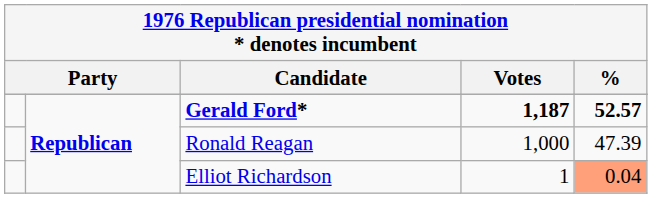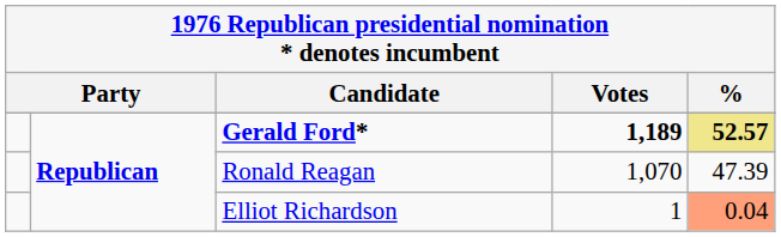 <table class="wikitable">
 <tr>
 <th colspan=5 style="background:#f5f5f5"><a href='#'>1976 Republican presidential nomination</a><br>* denotes incumbent</th>
 </tr>
 <tr>
 <th style="width: 8em;" colspan=2>Party</th>
 <th>Candidate</th>
 <th>Votes</th>
 <th>%</th>
 </tr>
 <tr>
 </tr>
 <tr>
 <td style="background-color: "></td>
 <td style="width: 7em;" rowspan=3><strong><a href='#'>Republican</a></strong></td>
 <td style="width: 13em;"><strong><a href='#'>Gerald Ford</a>*</strong></td>
-<td style="width: 5em; text-align:right"><strong>1,187</strong></td>
-<td style="width: 3em; text-align:right"><strong>52.57</strong></td>
+<td style="width: 5em; text-align:right"><strong>1,189</strong></td>
+<td style="background: khaki; width: 3em; text-align:right"><strong>52.57</strong></td>
 </tr>
 <tr>
 <td style="background-color: "></td>
 <td><a href='#'>Ronald Reagan</a></td>
-<td style="text-align:right">1,000</td>
+<td style="text-align:right">1,070</td>
 <td style="text-align:right">47.39</td>
 </tr>
 <tr>
 <td style="background-color: "></td>
 <td><a href='#'>Elliot Richardson</a></td>
 <td style="text-align:right">1</td>
 <td style="background: lightsalmon; text-align:right">0.04</td>
 </tr>
 </table>
